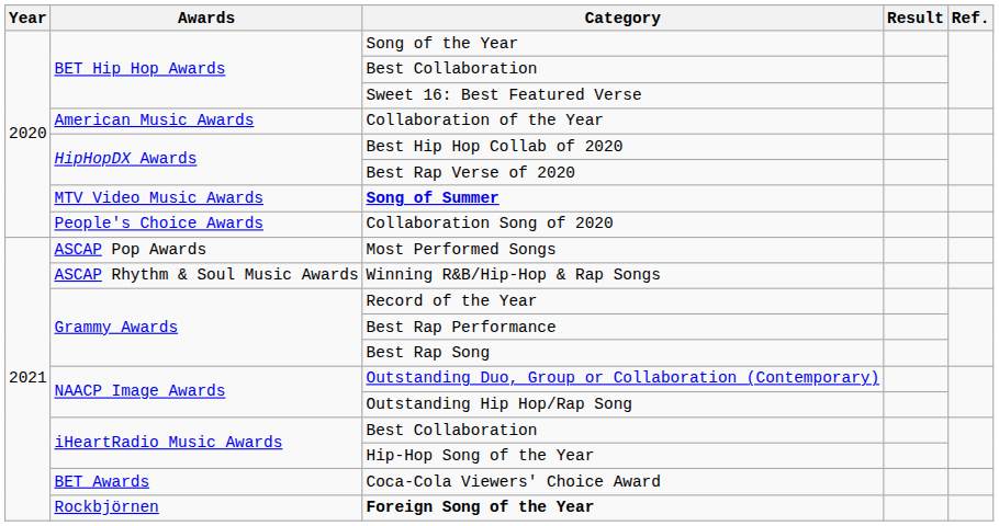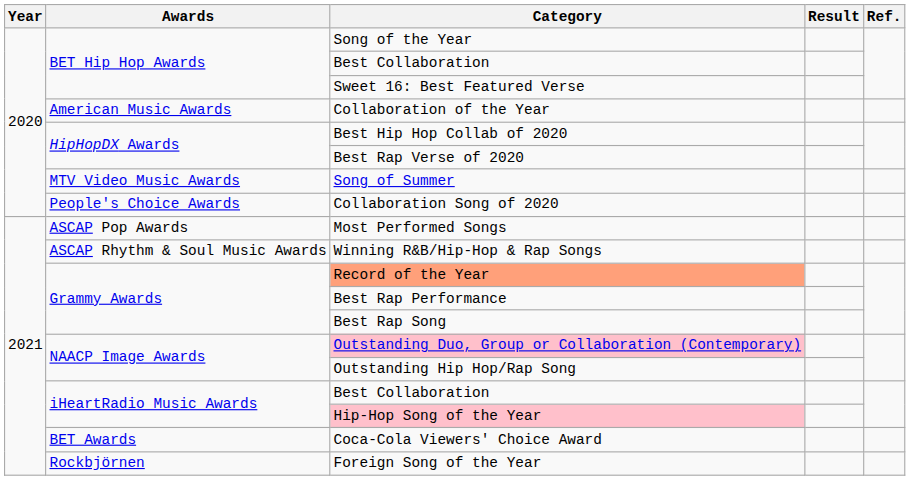 <table class="wikitable plainrowheaders">
 <tr>
 <th>Year</th>
 <th>Awards</th>
 <th>Category</th>
 <th>Result</th>
 <th>Ref.</th>
 </tr>
 <tr>
 <td rowspan="8">2020</td>
 <td rowspan="3"><a href='#'>BET Hip Hop Awards</a></td>
 <td>Song of the Year</td>
 <td></td>
 <td rowspan="3"></td>
 </tr>
 <tr>
 <td>Best Collaboration</td>
 <td></td>
 </tr>
 <tr>
 <td>Sweet 16: Best Featured Verse</td>
 <td></td>
 </tr>
 <tr>
 <td><a href='#'>American Music Awards</a></td>
 <td>Collaboration of the Year</td>
 <td></td>
 <td></td>
 </tr>
 <tr>
 <td rowspan="2"><a href='#'><em>HipHopDX</em> Awards</a></td>
 <td>Best Hip Hop Collab of 2020</td>
 <td></td>
 <td rowspan="2"></td>
 </tr>
 <tr>
 <td>Best Rap Verse of 2020</td>
 <td></td>
 </tr>
 <tr>
 <td><a href='#'>MTV Video Music Awards</a></td>
-<td><strong><a href='#'>Song of Summer</a></strong></td>
+<td><a href='#'>Song of Summer</a></td>
 <td></td>
 <td></td>
 </tr>
 <tr>
 <td><a href='#'>People's Choice Awards</a></td>
 <td>Collaboration Song of 2020</td>
 <td></td>
 <td></td>
 </tr>
 <tr>
 <td rowspan="11">2021</td>
 <td><a href='#'>ASCAP</a> Pop Awards</td>
 <td>Most Performed Songs</td>
 <td></td>
 <td></td>
 </tr>
 <tr>
 <td><a href='#'>ASCAP</a> Rhythm & Soul Music Awards</td>
 <td>Winning R&B/Hip-Hop & Rap Songs</td>
 <td></td>
 <td></td>
 </tr>
 <tr>
 <td rowspan="3"><a href='#'>Grammy Awards</a></td>
-<td>Record of the Year</td>
+<td style="background: lightsalmon;">Record of the Year</td>
 <td></td>
 <td rowspan="3"></td>
 </tr>
 <tr>
 <td>Best Rap Performance</td>
 <td></td>
 </tr>
 <tr>
 <td>Best Rap Song</td>
 <td></td>
 </tr>
 <tr>
 <td rowspan="2"><a href='#'>NAACP Image Awards</a></td>
-<td><a href='#'>Outstanding Duo, Group or Collaboration (Contemporary)</a></td>
+<td style="background: pink;"><a href='#'>Outstanding Duo, Group or Collaboration (Contemporary)</a></td>
 <td></td>
 <td rowspan="2"></td>
 </tr>
 <tr>
 <td>Outstanding Hip Hop/Rap Song</td>
 <td></td>
 </tr>
 <tr>
 <td rowspan="2"><a href='#'>iHeartRadio Music Awards</a></td>
 <td>Best Collaboration</td>
 <td></td>
 <td rowspan="2"></td>
 </tr>
 <tr>
-<td>Hip-Hop Song of the Year</td>
+<td style="background: pink;">Hip-Hop Song of the Year</td>
 <td></td>
 </tr>
 <tr>
 <td rowspan="1"><a href='#'>BET Awards</a></td>
 <td>Coca-Cola Viewers' Choice Award</td>
 <td></td>
 <td rowspan="1"></td>
 </tr>
 <tr>
 <td><a href='#'>Rockbjörnen</a></td>
-<td><strong>Foreign Song of the Year</strong></td>
+<td>Foreign Song of the Year</td>
 <td></td>
 <td></td>
 </tr>
 </table>
